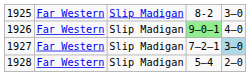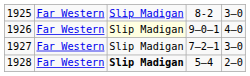 <table class="wikitable" style="text-align:center;">
 <tr>
 <td>1925</td>
 <td><a href='#'>Far Western</a></td>
 <td><a href='#'>Slip Madigan</a></td>
 <td>8-2</td>
 <td>3–0</td>
 </tr>
 <tr>
 <td>1926</td>
 <td><a href='#'>Far Western</a></td>
-<td>Slip Madigan</td>
-<td style="background: lightgreen;">9–0–1</td>
+<td style="background: lightyellow;">Slip Madigan</td>
+<td>9–0–1</td>
 <td>4–0</td>
 </tr>
 <tr>
 <td>1927</td>
 <td><a href='#'>Far Western</a></td>
 <td>Slip Madigan</td>
 <td>7–2–1</td>
-<td style="background: lightblue;">3–0</td>
+<td>3–0</td>
 </tr>
 <tr>
 <td>1928</td>
 <td><a href='#'>Far Western</a></td>
-<td>Slip Madigan</td>
+<td><strong>Slip Madigan</strong></td>
 <td>5–4</td>
 <td>2–0</td>
 </tr>
 </table>
